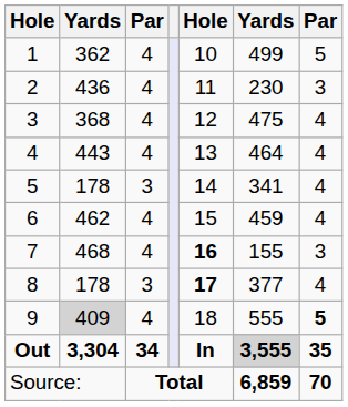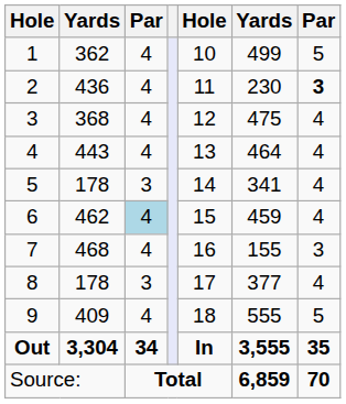 <table class="wikitable" style="text-align:center;">
 <tr>
 <th>Hole</th>
 <th>Yards</th>
 <th>Par</th>
 <th></th>
 <th>Hole</th>
 <th>Yards</th>
 <th>Par</th>
 </tr>
 <tr>
 <td>1</td>
 <td>362</td>
 <td>4</td>
 <td rowspan="10" style="background:#E6E8FA;"></td>
 <td>10</td>
 <td>499</td>
 <td>5</td>
 </tr>
 <tr>
 <td>2</td>
 <td>436</td>
 <td>4</td>
 <td>11</td>
 <td>230</td>
-<td>3</td>
+<td><strong>3</strong></td>
 </tr>
 <tr>
 <td>3</td>
 <td>368</td>
 <td>4</td>
 <td>12</td>
 <td>475</td>
 <td>4</td>
 </tr>
 <tr>
 <td>4</td>
 <td>443</td>
 <td>4</td>
 <td>13</td>
 <td>464</td>
 <td>4</td>
 </tr>
 <tr>
 <td>5</td>
 <td>178</td>
 <td>3</td>
 <td>14</td>
 <td>341</td>
 <td>4</td>
 </tr>
 <tr>
 <td>6</td>
 <td>462</td>
-<td>4</td>
+<td style="background: lightblue;">4</td>
 <td>15</td>
 <td>459</td>
 <td>4</td>
 </tr>
 <tr>
 <td>7</td>
 <td>468</td>
 <td>4</td>
-<td><strong>16</strong></td>
+<td>16</td>
 <td>155</td>
 <td>3</td>
 </tr>
 <tr>
 <td>8</td>
 <td>178</td>
 <td>3</td>
-<td><strong>17</strong></td>
+<td>17</td>
 <td>377</td>
 <td>4</td>
 </tr>
 <tr>
 <td>9</td>
-<td style="background: lightgrey;">409</td>
+<td>409</td>
 <td>4</td>
 <td>18</td>
 <td>555</td>
-<td><strong>5</strong></td>
+<td>5</td>
 </tr>
 <tr>
 <td><strong>Out</strong></td>
 <td><strong>3,304</strong></td>
 <td><strong>34</strong></td>
 <td><strong>In</strong></td>
-<td style="background: lightgrey;"><strong>3,555</strong></td>
+<td><strong>3,555</strong></td>
 <td><strong>35</strong></td>
 </tr>
 <tr>
 <td colspan="2" style="text-align:left;">Source:</td>
 <td colspan=3><strong>Total</strong></td>
 <td><strong>6,859</strong></td>
 <td><strong>70</strong></td>
 </tr>
 </table>
